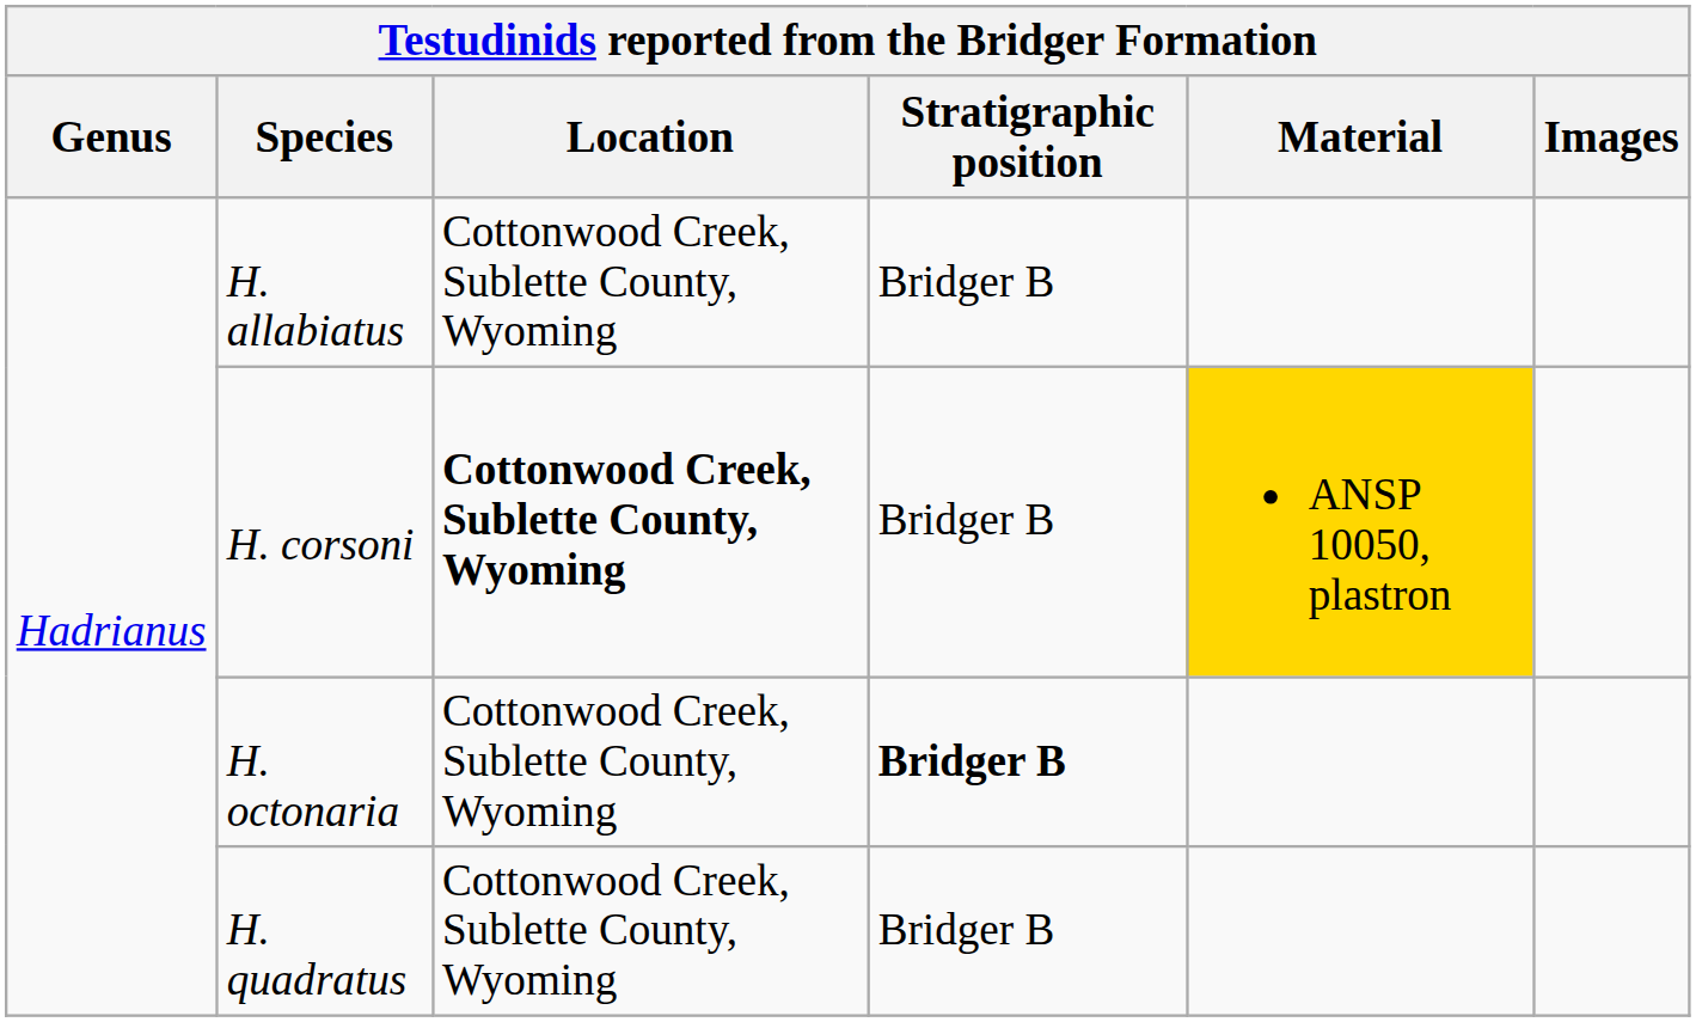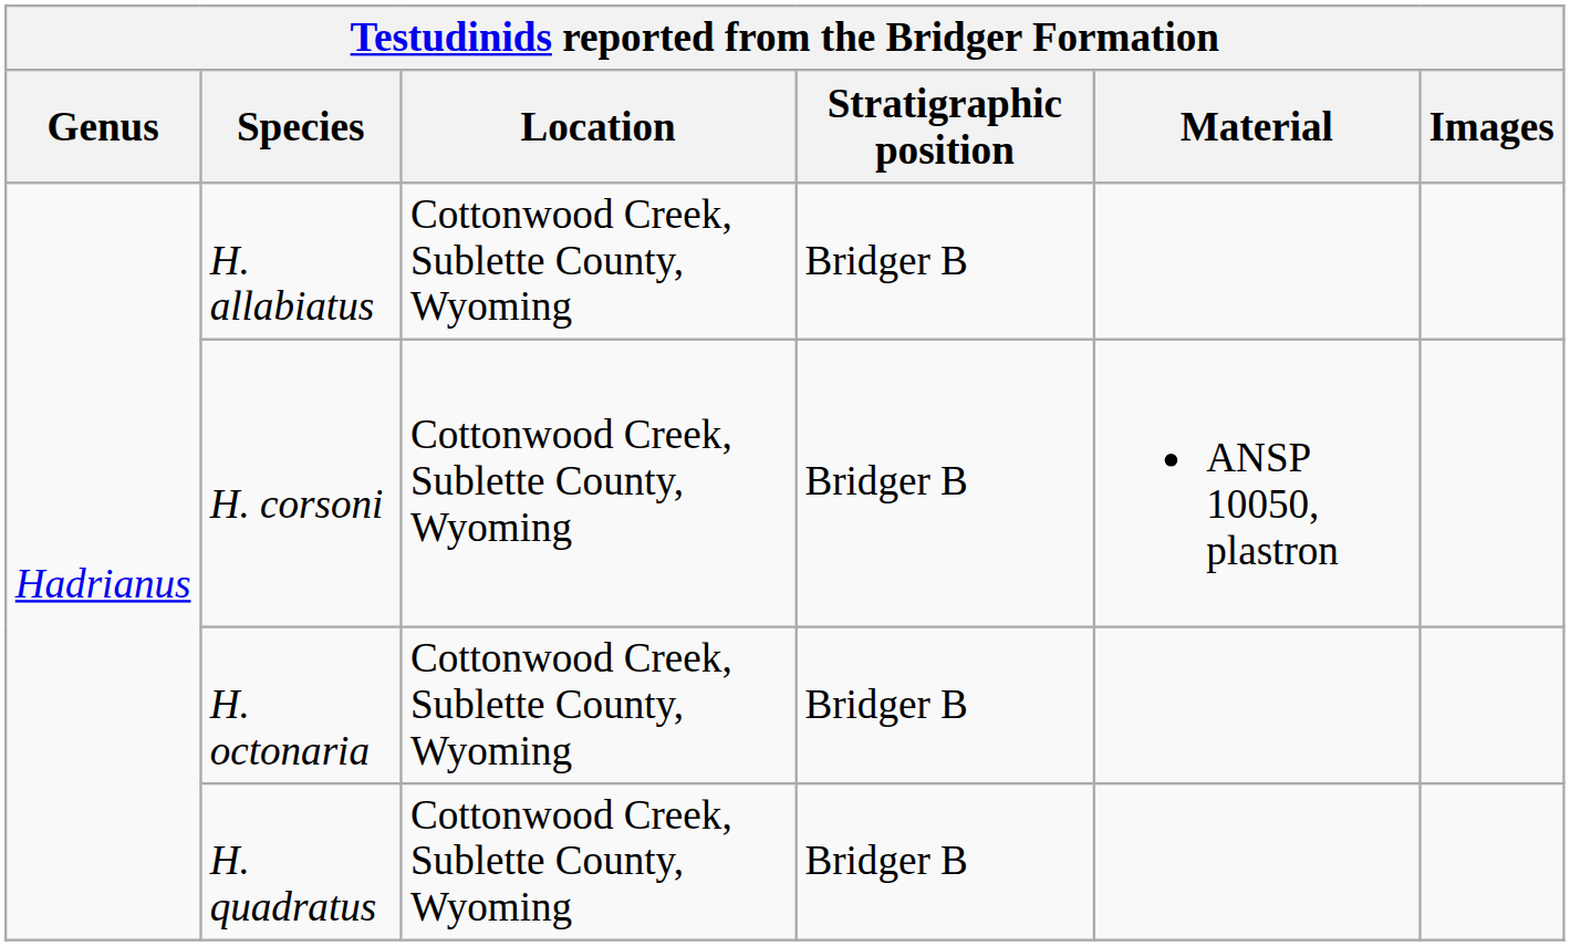 <table class="wikitable sortable mw-collapsible">
 <tr>
 <th colspan="7" style="text-align:center;"><strong><a href='#'>Testudinids</a> reported from the Bridger Formation</strong></th>
 </tr>
 <tr>
 <th>Genus</th>
 <th>Species</th>
 <th>Location</th>
 <th>Stratigraphic position</th>
 <th>Material</th>
 <th>Images</th>
 </tr>
 <tr>
 <td rowspan=4><br><em><a href='#'>Hadrianus</a></em></td>
 <td><br><em>H. allabiatus</em></td>
 <td>Cottonwood Creek, Sublette County, Wyoming</td>
 <td>Bridger B</td>
 <td></td>
 <td></td>
 </tr>
 <tr>
 <td><br><em>H. corsoni</em></td>
-<td><strong>Cottonwood Creek, Sublette County, Wyoming</strong></td>
+<td>Cottonwood Creek, Sublette County, Wyoming</td>
 <td>Bridger B</td>
-<td style="background: gold;"><br><ul><li>ANSP 10050, plastron</li></ul></td>
+<td><br><ul><li>ANSP 10050, plastron</li></ul></td>
 <td></td>
 </tr>
 <tr>
 <td><br><em>H. octonaria</em></td>
 <td>Cottonwood Creek, Sublette County, Wyoming</td>
-<td><strong>Bridger B</strong></td>
+<td>Bridger B</td>
 <td></td>
 <td></td>
 </tr>
 <tr>
 <td><br><em>H. quadratus</em></td>
 <td>Cottonwood Creek, Sublette County, Wyoming</td>
 <td>Bridger B</td>
 <td></td>
 <td></td>
 </tr>
 </table>
